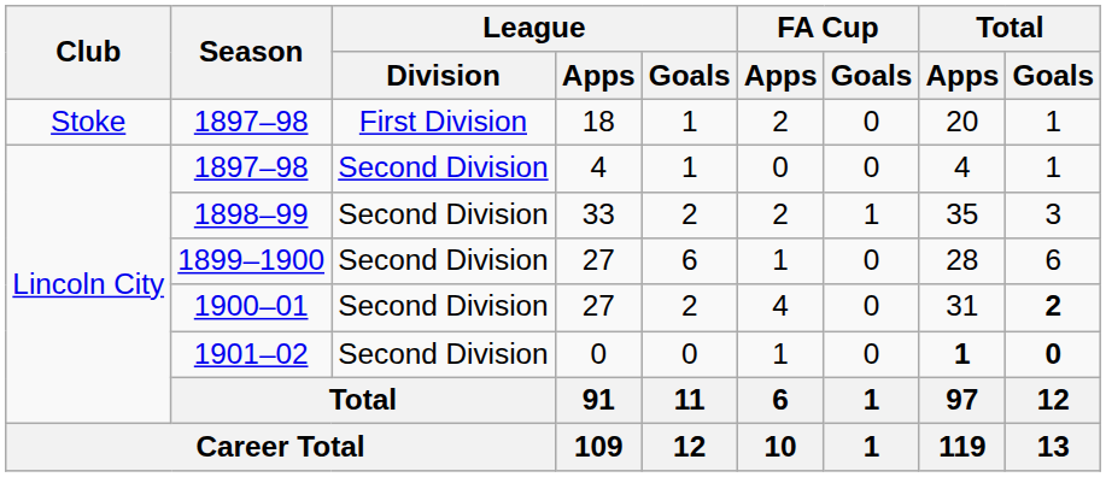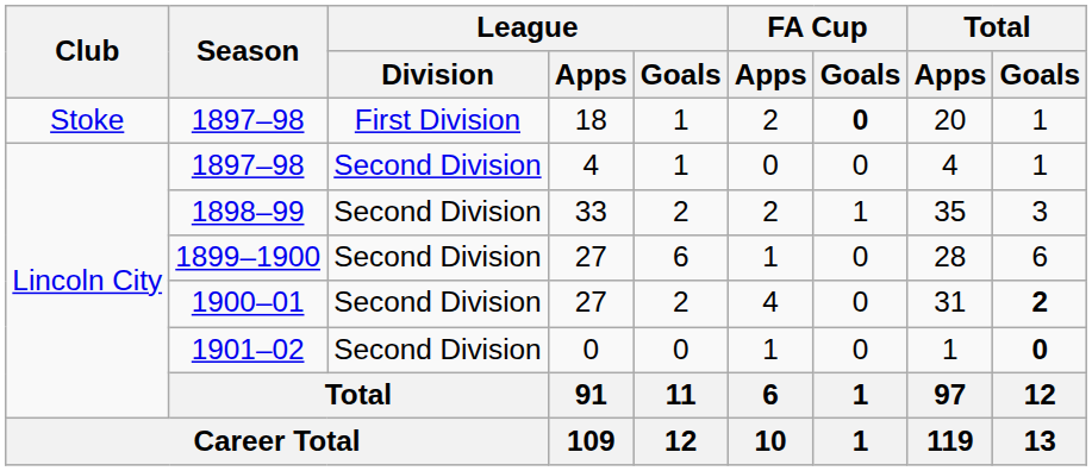 <table class="wikitable" style="text-align: center;">
 <tr>
 <th rowspan="2">Club</th>
 <th rowspan="2">Season</th>
 <th colspan="3">League</th>
 <th colspan="2">FA Cup</th>
 <th colspan="2">Total</th>
 </tr>
 <tr>
 <th>Division</th>
 <th>Apps</th>
 <th>Goals</th>
 <th>Apps</th>
 <th>Goals</th>
 <th>Apps</th>
 <th>Goals</th>
 </tr>
 <tr>
 <td><a href='#'>Stoke</a></td>
 <td><a href='#'>1897–98</a></td>
 <td><a href='#'>First Division</a></td>
 <td>18</td>
 <td>1</td>
 <td>2</td>
-<td>0</td>
+<td><strong>0</strong></td>
 <td>20</td>
 <td>1</td>
 </tr>
 <tr>
 <td rowspan="6"><a href='#'>Lincoln City</a></td>
 <td><a href='#'>1897–98</a></td>
 <td><a href='#'>Second Division</a></td>
 <td>4</td>
 <td>1</td>
 <td>0</td>
 <td>0</td>
 <td>4</td>
 <td>1</td>
 </tr>
 <tr>
 <td><a href='#'>1898–99</a></td>
 <td>Second Division</td>
 <td>33</td>
 <td>2</td>
 <td>2</td>
 <td>1</td>
 <td>35</td>
 <td>3</td>
 </tr>
 <tr>
 <td><a href='#'>1899–1900</a></td>
 <td>Second Division</td>
 <td>27</td>
 <td>6</td>
 <td>1</td>
 <td>0</td>
 <td>28</td>
 <td>6</td>
 </tr>
 <tr>
 <td><a href='#'>1900–01</a></td>
 <td>Second Division</td>
 <td>27</td>
 <td>2</td>
 <td>4</td>
 <td>0</td>
 <td>31</td>
 <td><strong>2</strong></td>
 </tr>
 <tr>
 <td><a href='#'>1901–02</a></td>
 <td>Second Division</td>
 <td>0</td>
 <td>0</td>
 <td>1</td>
 <td>0</td>
-<td><strong>1</strong></td>
+<td>1</td>
 <td><strong>0</strong></td>
 </tr>
 <tr>
 <th colspan=2>Total</th>
 <th>91</th>
 <th>11</th>
 <th>6</th>
 <th>1</th>
 <th>97</th>
 <th>12</th>
 </tr>
 <tr>
 <th colspan="3">Career Total</th>
 <th>109</th>
 <th>12</th>
 <th>10</th>
 <th>1</th>
 <th>119</th>
 <th>13</th>
 </tr>
 </table>
